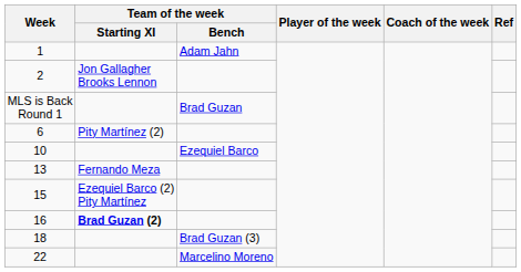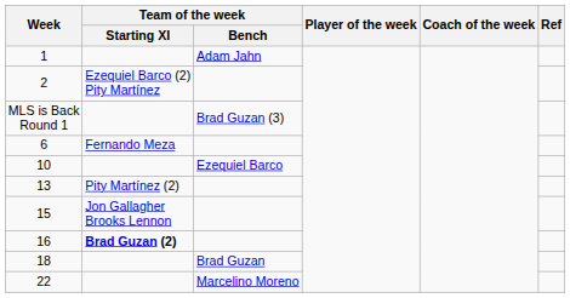 <table class="wikitable">
 <tr>
 <th rowspan="2">Week</th>
 <th colspan="2">Team of the week</th>
 <th rowspan="2">Player of the week</th>
 <th rowspan="2">Coach of the week</th>
 <th rowspan="2">Ref</th>
 </tr>
 <tr>
 <th>Starting XI</th>
 <th>Bench</th>
 </tr>
 <tr>
 <td style="text-align: center;">1</td>
 <td></td>
 <td> <a href='#'>Adam Jahn</a></td>
 <td rowspan="10"></td>
 <td rowspan="10"></td>
 <td></td>
 </tr>
 <tr>
 <td style="text-align: center;">2</td>
-<td> <a href='#'>Jon Gallagher</a><br> <a href='#'>Brooks Lennon</a></td>
+<td> <a href='#'>Ezequiel Barco</a> (2)<br> <a href='#'>Pity Martínez</a></td>
 <td></td>
 <td></td>
 </tr>
 <tr>
 <td style="text-align: center;">MLS is Back<br>Round 1</td>
 <td></td>
-<td> <a href='#'>Brad Guzan</a></td>
+<td> <a href='#'>Brad Guzan</a> (3)</td>
 <td></td>
 </tr>
 <tr>
 <td style="text-align: center;">6</td>
-<td> <a href='#'>Pity Martínez</a> (2)</td>
+<td> <a href='#'>Fernando Meza</a></td>
 <td></td>
 <td></td>
 </tr>
 <tr>
 <td style="text-align: center;">10</td>
 <td></td>
 <td> <a href='#'>Ezequiel Barco</a></td>
 <td></td>
 </tr>
 <tr>
 <td style="text-align: center;">13</td>
-<td> <a href='#'>Fernando Meza</a></td>
+<td> <a href='#'>Pity Martínez</a> (2)</td>
 <td></td>
 <td></td>
 </tr>
 <tr>
 <td style="text-align: center;">15</td>
-<td> <a href='#'>Ezequiel Barco</a> (2)<br> <a href='#'>Pity Martínez</a></td>
+<td> <a href='#'>Jon Gallagher</a><br> <a href='#'>Brooks Lennon</a></td>
 <td></td>
 <td></td>
 </tr>
 <tr>
 <td style="text-align: center;">16</td>
 <td><strong> <a href='#'>Brad Guzan</a> (2)</strong></td>
 <td></td>
 <td></td>
 </tr>
 <tr>
 <td style="text-align: center;">18</td>
 <td></td>
-<td> <a href='#'>Brad Guzan</a> (3)</td>
+<td> <a href='#'>Brad Guzan</a></td>
 <td></td>
 </tr>
 <tr>
 <td style="text-align: center;">22</td>
 <td></td>
 <td> <a href='#'>Marcelino Moreno</a></td>
 <td></td>
 </tr>
 </table>
